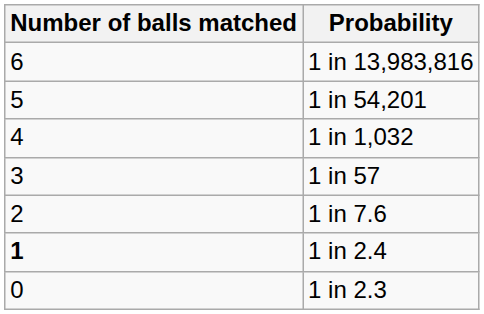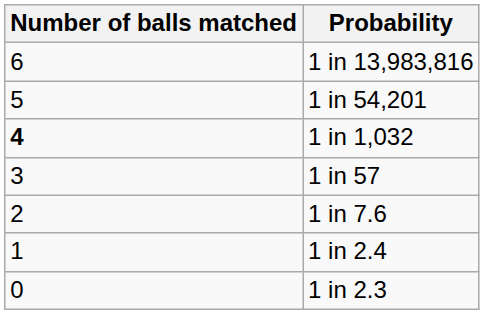 <table class="wikitable floatright">
 <tr>
 <th>Number of balls matched</th>
 <th>Probability</th>
 </tr>
 <tr>
 <td>6</td>
 <td>1 in 13,983,816</td>
 </tr>
 <tr>
 <td>5</td>
 <td>1 in 54,201</td>
 </tr>
 <tr>
-<td>4</td>
+<td><strong>4</strong></td>
 <td>1 in 1,032</td>
 </tr>
 <tr>
 <td>3</td>
 <td>1 in 57</td>
 </tr>
 <tr>
 <td>2</td>
 <td>1 in 7.6</td>
 </tr>
 <tr>
-<td><strong>1</strong></td>
+<td>1</td>
 <td>1 in 2.4</td>
 </tr>
 <tr>
 <td>0</td>
 <td>1 in 2.3</td>
 </tr>
 </table>
